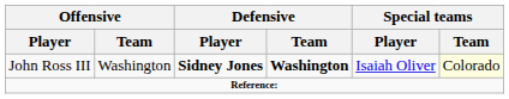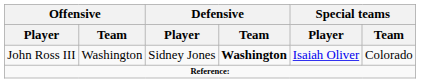 <table class="wikitable">
 <tr>
 <th colspan="2">Offensive</th>
 <th colspan="2">Defensive</th>
 <th colspan="2">Special teams</th>
 </tr>
 <tr>
 <th>Player</th>
 <th>Team</th>
 <th>Player</th>
 <th>Team</th>
 <th>Player</th>
 <th>Team</th>
 </tr>
 <tr>
 <td>John Ross III</td>
 <td>Washington</td>
-<td><strong>Sidney Jones</strong></td>
+<td>Sidney Jones</td>
 <td><strong>Washington</strong></td>
 <td><a href='#'>Isaiah Oliver</a></td>
-<td style="background: lightyellow;">Colorado</td>
+<td>Colorado</td>
 </tr>
 <tr>
 <td colspan="12"  style="font-size:8pt; text-align:center;"><strong>Reference:</strong></td>
 </tr>
 </table>
